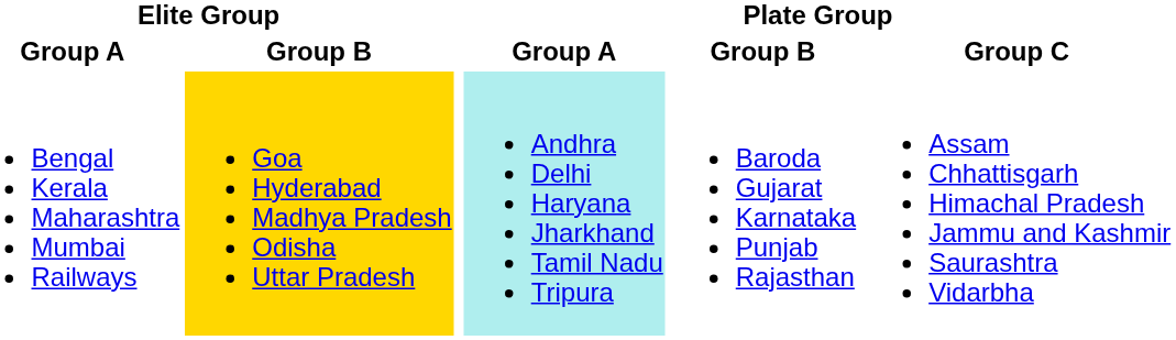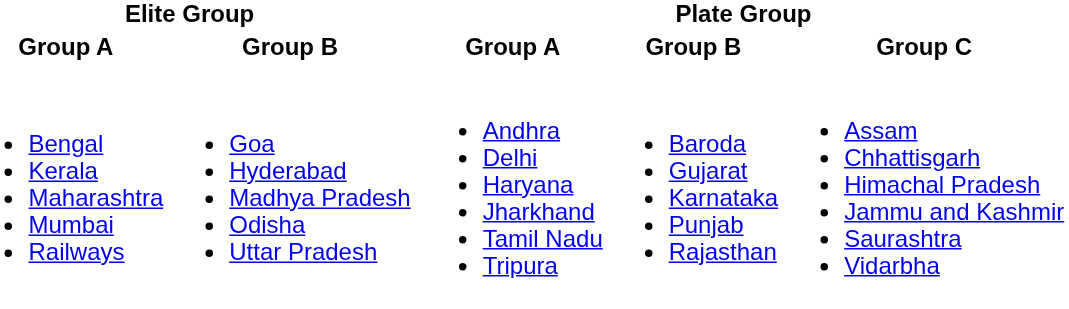 <table>
 <tr>
 <th colspan="2">Elite Group</th>
 <th></th>
 <th colspan="3">Plate Group</th>
 </tr>
 <tr>
 <th>Group A</th>
 <th>Group B</th>
 <th></th>
 <th>Group A</th>
 <th>Group B</th>
 <th>Group C</th>
 </tr>
 <tr>
 <td><br><ul><li><a href='#'>Bengal</a></li><li><a href='#'>Kerala</a></li><li><a href='#'>Maharashtra</a></li><li><a href='#'>Mumbai</a></li><li><a href='#'>Railways</a></li></ul></td>
-<td style="background: gold;"><br><ul><li><a href='#'>Goa</a></li><li><a href='#'>Hyderabad</a></li><li><a href='#'>Madhya Pradesh</a></li><li><a href='#'>Odisha</a></li><li><a href='#'>Uttar Pradesh</a></li></ul></td>
+<td><br><ul><li><a href='#'>Goa</a></li><li><a href='#'>Hyderabad</a></li><li><a href='#'>Madhya Pradesh</a></li><li><a href='#'>Odisha</a></li><li><a href='#'>Uttar Pradesh</a></li></ul></td>
 <td></td>
-<td style="background: paleturquoise;"><br><ul><li><a href='#'>Andhra</a></li><li><a href='#'>Delhi</a></li><li><a href='#'>Haryana</a></li><li><a href='#'>Jharkhand</a></li><li><a href='#'>Tamil Nadu</a></li><li><a href='#'>Tripura</a></li></ul></td>
+<td><br><ul><li><a href='#'>Andhra</a></li><li><a href='#'>Delhi</a></li><li><a href='#'>Haryana</a></li><li><a href='#'>Jharkhand</a></li><li><a href='#'>Tamil Nadu</a></li><li><a href='#'>Tripura</a></li></ul></td>
 <td><br><ul><li><a href='#'>Baroda</a></li><li><a href='#'>Gujarat</a></li><li><a href='#'>Karnataka</a></li><li><a href='#'>Punjab</a></li><li><a href='#'>Rajasthan</a></li></ul></td>
 <td><br><ul><li><a href='#'>Assam</a></li><li><a href='#'>Chhattisgarh</a></li><li><a href='#'>Himachal Pradesh</a></li><li><a href='#'>Jammu and Kashmir</a></li><li><a href='#'>Saurashtra</a></li><li><a href='#'>Vidarbha</a></li></ul></td>
 </tr>
 </table>
